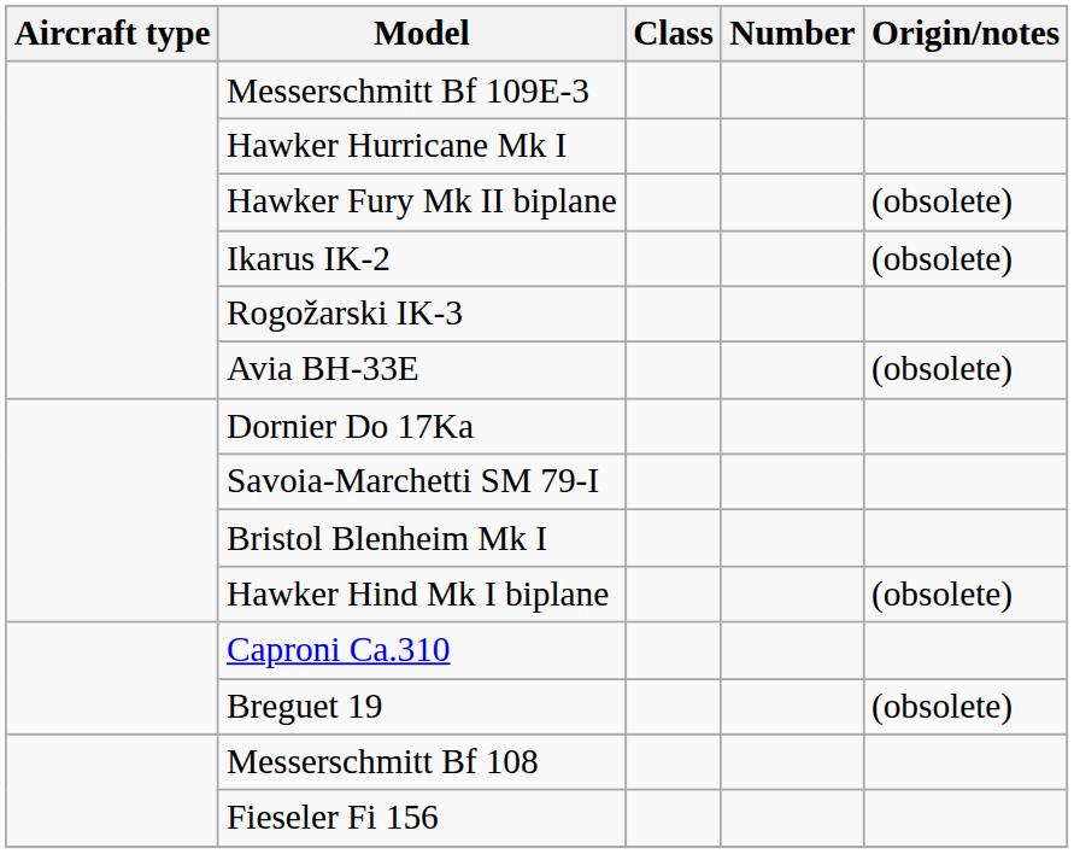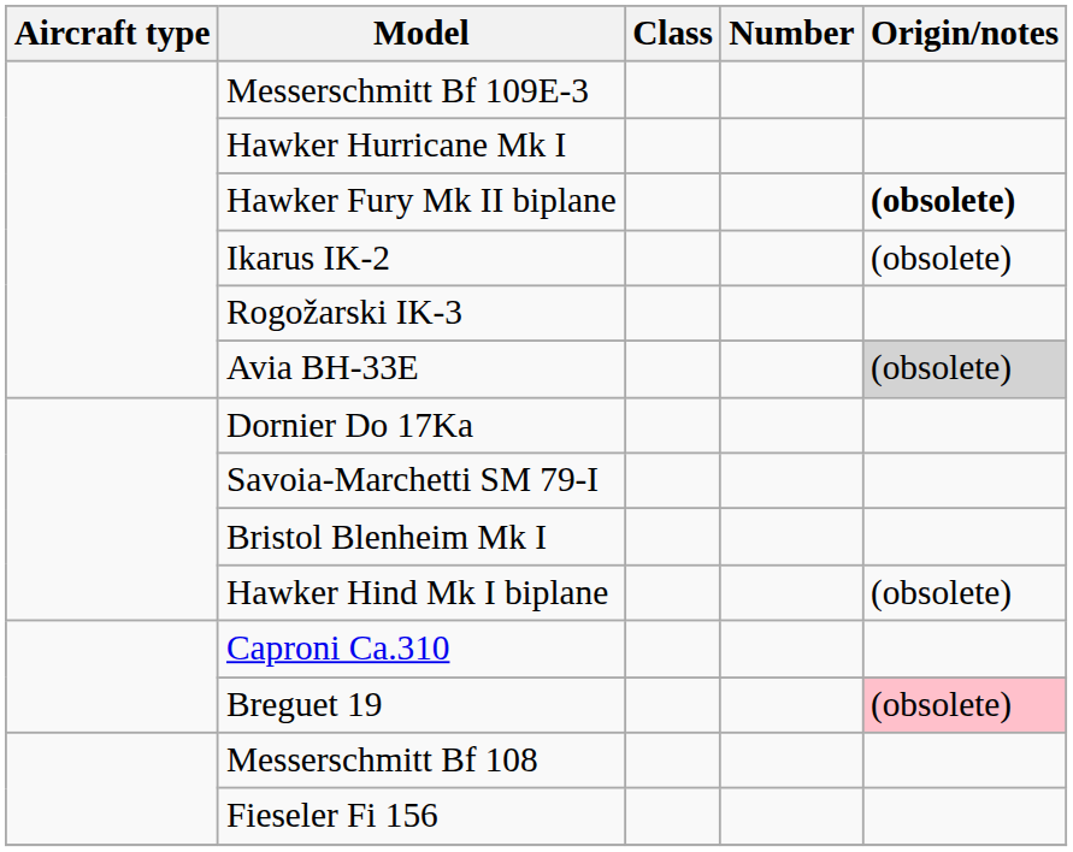 <table class="wikitable">
 <tr>
 <th scope="col">Aircraft type</th>
 <th scope="col">Model</th>
 <th scope="col">Class</th>
 <th scope="col">Number</th>
 <th scope="col">Origin/notes</th>
 </tr>
 <tr>
 <td rowspan=6></td>
 <td>Messerschmitt Bf 109E-3</td>
 <td></td>
 <td></td>
 <td></td>
 </tr>
 <tr>
 <td>Hawker Hurricane Mk I</td>
 <td></td>
 <td></td>
 <td></td>
 </tr>
 <tr>
 <td>Hawker Fury Mk II biplane</td>
 <td></td>
 <td></td>
-<td> (obsolete)</td>
+<td><strong> (obsolete)</strong></td>
 </tr>
 <tr>
 <td>Ikarus IK-2</td>
 <td></td>
 <td></td>
 <td> (obsolete)</td>
 </tr>
 <tr>
 <td>Rogožarski IK-3</td>
 <td></td>
 <td></td>
 <td></td>
 </tr>
 <tr>
 <td>Avia BH-33E</td>
 <td></td>
 <td></td>
-<td> (obsolete)</td>
+<td style="background: lightgrey;"> (obsolete)</td>
 </tr>
 <tr>
 <td rowspan=4></td>
 <td>Dornier Do 17Ka</td>
 <td></td>
 <td></td>
 <td></td>
 </tr>
 <tr>
 <td>Savoia-Marchetti SM 79-I</td>
 <td></td>
 <td></td>
 <td></td>
 </tr>
 <tr>
 <td>Bristol Blenheim Mk I</td>
 <td></td>
 <td></td>
 <td></td>
 </tr>
 <tr>
 <td>Hawker Hind Mk I biplane</td>
 <td></td>
 <td></td>
 <td> (obsolete)</td>
 </tr>
 <tr>
 <td rowspan=2></td>
 <td><a href='#'>Caproni Ca.310</a></td>
 <td></td>
 <td></td>
 <td></td>
 </tr>
 <tr>
 <td>Breguet 19</td>
 <td></td>
 <td></td>
-<td> (obsolete)</td>
+<td style="background: pink;"> (obsolete)</td>
 </tr>
 <tr>
 <td rowspan=2></td>
 <td>Messerschmitt Bf 108</td>
 <td></td>
 <td></td>
 <td></td>
 </tr>
 <tr>
 <td>Fieseler Fi 156</td>
 <td></td>
 <td></td>
 <td></td>
 </tr>
 <tr>
 </tr>
 </table>
